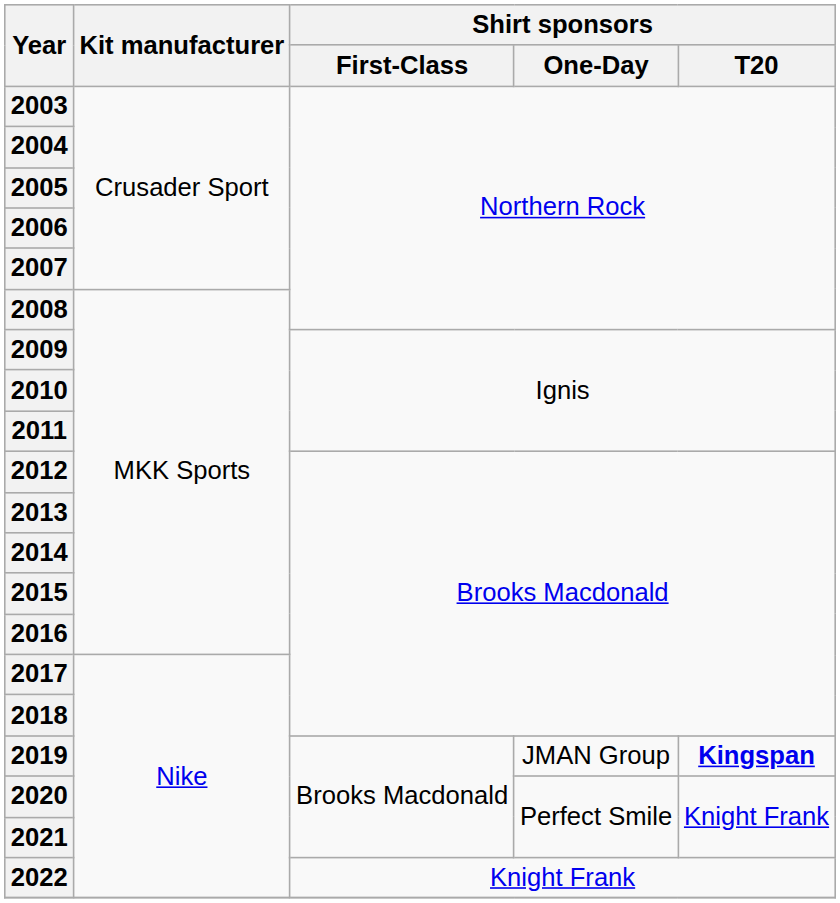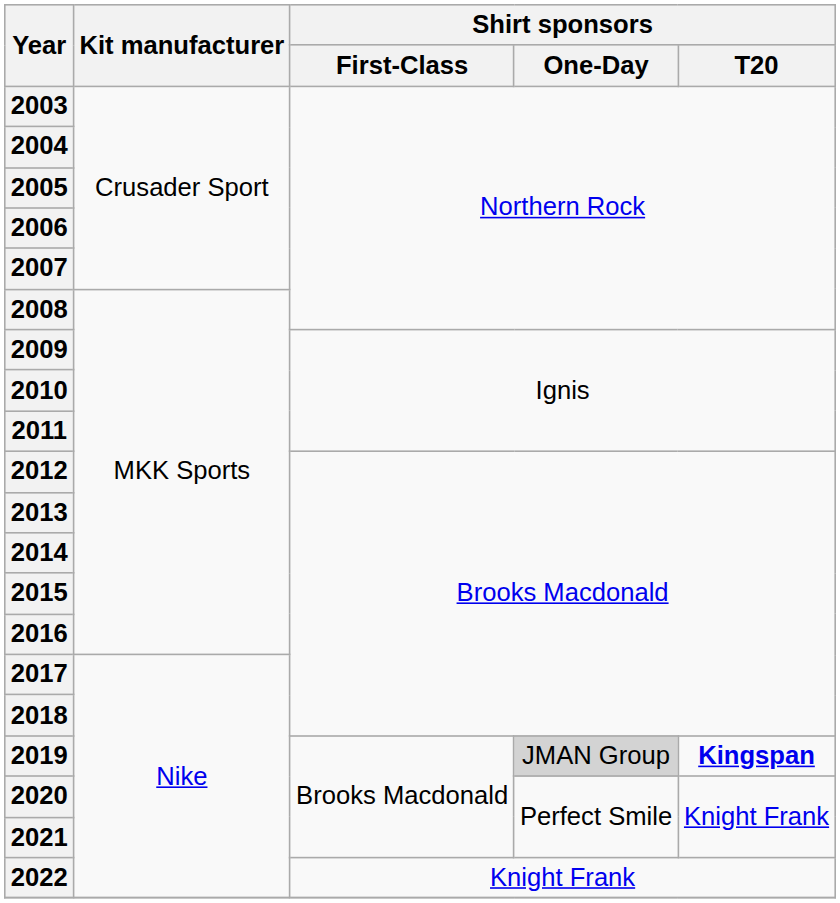 <table class="wikitable" style="text-align: center">
 <tr>
 <th rowspan=2>Year</th>
 <th rowspan=2>Kit manufacturer</th>
 <th colspan=3>Shirt sponsors</th>
 </tr>
 <tr>
 <th>First-Class</th>
 <th>One-Day</th>
 <th>T20</th>
 </tr>
 <tr>
 <th>2003</th>
 <td rowspan="5">Crusader Sport</td>
 <td rowspan="6" colspan="3"><a href='#'>Northern Rock</a></td>
 </tr>
 <tr>
 <th>2004</th>
 </tr>
 <tr>
 <th>2005</th>
 </tr>
 <tr>
 <th>2006</th>
 </tr>
 <tr>
 <th>2007</th>
 </tr>
 <tr>
 <th>2008</th>
 <td rowspan="9">MKK Sports</td>
 </tr>
 <tr>
 <th>2009</th>
 <td rowspan="3" colspan="3">Ignis</td>
 </tr>
 <tr>
 <th>2010</th>
 </tr>
 <tr>
 <th>2011</th>
 </tr>
 <tr>
 <th>2012</th>
 <td rowspan="7" colspan="3"><a href='#'>Brooks Macdonald</a></td>
 </tr>
 <tr>
 <th>2013</th>
 </tr>
 <tr>
 <th>2014</th>
 </tr>
 <tr>
 <th>2015</th>
 </tr>
 <tr>
 <th>2016</th>
 </tr>
 <tr>
 <th>2017</th>
 <td rowspan="6"><a href='#'>Nike</a></td>
 </tr>
 <tr>
 <th>2018</th>
 </tr>
 <tr>
 <th>2019</th>
 <td rowspan="3">Brooks Macdonald</td>
-<td>JMAN Group</td>
+<td style="background: lightgrey;">JMAN Group</td>
 <td><strong><a href='#'>Kingspan</a></strong></td>
 </tr>
 <tr>
 <th>2020</th>
 <td rowspan="2">Perfect Smile</td>
 <td rowspan="2"><a href='#'>Knight Frank</a></td>
 </tr>
 <tr>
 <th>2021</th>
 </tr>
 <tr>
 <th>2022</th>
 <td colspan="3"><a href='#'>Knight Frank</a></td>
 </tr>
 <tr>
 </tr>
 </table>
